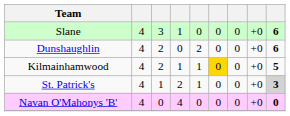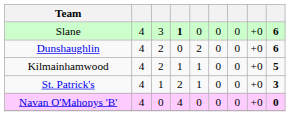 <table class="wikitable" style="text-align:center">
 <tr>
 <th width="175">Team</th>
 <th width="20"></th>
 <th width="20"></th>
 <th width="20"></th>
 <th width="20"></th>
 <th width="20"></th>
 <th width="20"></th>
 <th width="20"></th>
 <th width="20"></th>
 </tr>
 <tr style="background:#cfc;">
 <td>Slane</td>
 <td>4</td>
 <td>3</td>
-<td>1</td>
+<td><strong>1</strong></td>
 <td>0</td>
 <td>0</td>
 <td>0</td>
 <td>+0</td>
 <td><strong>6</strong></td>
 </tr>
 <tr>
 <td><a href='#'>Dunshaughlin</a></td>
 <td>4</td>
 <td>2</td>
 <td>0</td>
 <td>2</td>
 <td>0</td>
 <td>0</td>
 <td>+0</td>
 <td><strong>6</strong></td>
 </tr>
 <tr>
 <td>Kilmainhamwood</td>
 <td>4</td>
 <td>2</td>
 <td>1</td>
 <td>1</td>
-<td style="background: gold;">0</td>
+<td>0</td>
 <td>0</td>
 <td>+0</td>
 <td><strong>5</strong></td>
 </tr>
 <tr>
 <td><a href='#'>St. Patrick's</a></td>
 <td>4</td>
 <td>1</td>
 <td>2</td>
 <td>1</td>
 <td>0</td>
 <td>0</td>
 <td>+0</td>
-<td style="background: lightgrey;"><strong>3</strong></td>
+<td><strong>3</strong></td>
 </tr>
 <tr style="background:#fcf;">
 <td><a href='#'>Navan O'Mahonys 'B'</a></td>
 <td>4</td>
 <td>0</td>
 <td>4</td>
 <td>0</td>
 <td>0</td>
 <td>0</td>
 <td>+0</td>
 <td><strong>0</strong></td>
 </tr>
 <tr>
 </tr>
 </table>
